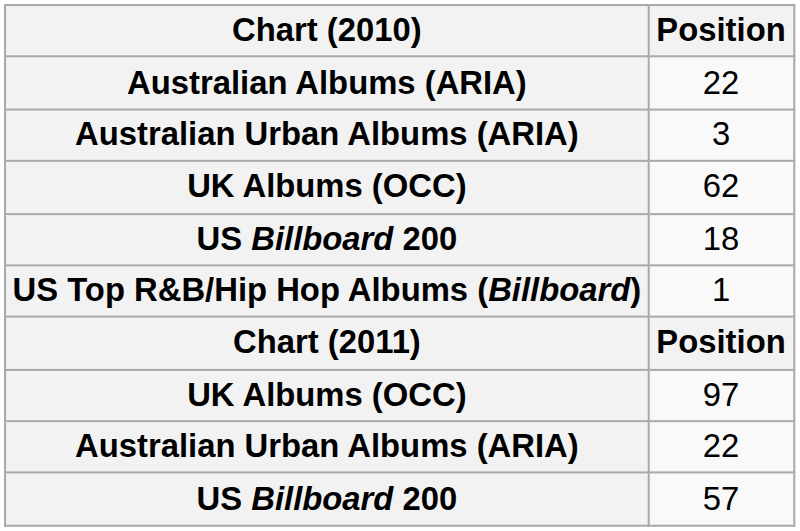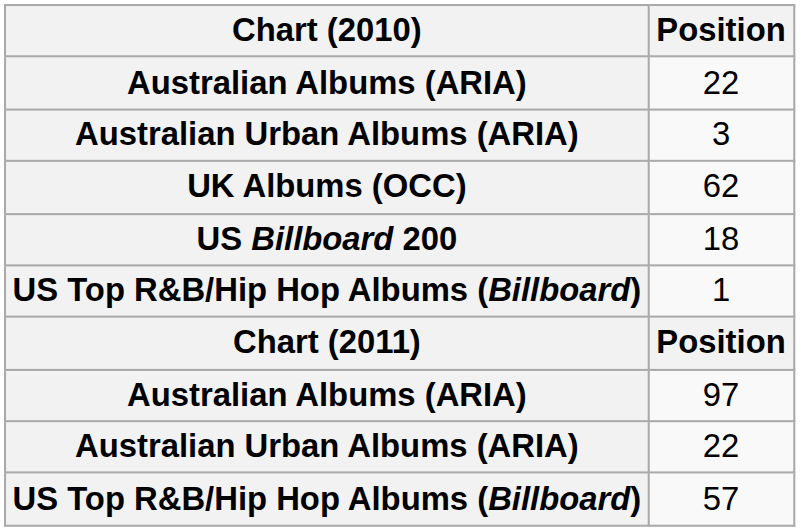 <table class="wikitable sortable plainrowheaders">
 <tr>
 <th scope="col">Chart (2010)</th>
 <th scope="col">Position</th>
 </tr>
 <tr>
 <th scope="row">Australian Albums (ARIA)</th>
 <td style="text-align:center;">22</td>
 </tr>
 <tr>
 <th scope="row">Australian Urban Albums (ARIA)</th>
 <td style="text-align:center;">3</td>
 </tr>
 <tr>
 <th scope="row">UK Albums (OCC)</th>
 <td style="text-align:center;">62</td>
 </tr>
 <tr>
 <th scope="row">US <em>Billboard</em> 200</th>
 <td style="text-align:center;">18</td>
 </tr>
 <tr>
 <th scope="row">US Top R&B/Hip Hop Albums (<em>Billboard</em>)</th>
 <td style="text-align:center;">1</td>
 </tr>
 <tr>
 <th scope="col">Chart (2011)</th>
 <th scope="col">Position</th>
 </tr>
 <tr>
-<th scope="row">UK Albums (OCC)</th>
+<th scope="row">Australian Albums (ARIA)</th>
 <td style="text-align:center;">97</td>
 </tr>
 <tr>
 <th scope="row">Australian Urban Albums (ARIA)</th>
 <td style="text-align:center;">22</td>
 </tr>
 <tr>
-<th scope="row">US <em>Billboard</em> 200</th>
+<th scope="row">US Top R&B/Hip Hop Albums (<em>Billboard</em>)</th>
 <td style="text-align:center;">57</td>
 </tr>
 </table>
